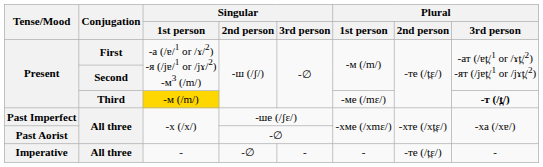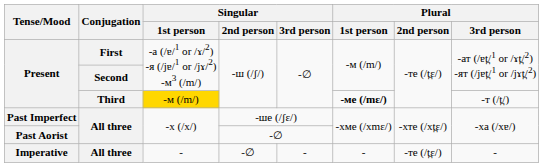 <table class="wikitable" style="text-align: center;">
 <tr>
 <th rowspan="2">Tense/Mood</th>
 <th rowspan="2">Conjugation</th>
 <th colspan="3">Singular</th>
 <th colspan="3">Plural</th>
 </tr>
 <tr>
 <th>1st person</th>
 <th>2nd person</th>
 <th>3rd person</th>
 <th>1st person</th>
 <th>2nd person</th>
 <th>3rd person</th>
 </tr>
 <tr>
 <th rowspan="3">Present</th>
 <th>First</th>
 <td rowspan="2">-a (/ɐ/<sup>1</sup> or /ɤ/<sup>2</sup>)<br>-я (/jɐ/<sup>1</sup> or /jɤ/<sup>2</sup>)<br>-м<sup>3</sup> (/m/)</td>
 <td rowspan="3">-ш (/ʃ/)</td>
 <td rowspan="3">-∅</td>
 <td rowspan="2">-м (/m/)</td>
 <td rowspan="3">-те (/t̪ɛ/)</td>
 <td rowspan="2">-ат (/ɐt̪/<sup>1</sup> or /ɤt̪/<sup>2</sup>)<br>-ят (/jɐt̪/<sup>1</sup> or /jɤt̪/<sup>2</sup>)</td>
 </tr>
 <tr>
 <th>Second</th>
 </tr>
 <tr>
 <th>Third</th>
 <td style="background: gold;">-м (/m/)</td>
-<td>-ме (/mɛ/)</td>
-<td><strong>-т (/t̪/)</strong></td>
+<td><strong>-ме (/mɛ/)</strong></td>
+<td>-т (/t̪/)</td>
 </tr>
 <tr>
 <th>Past Imperfect</th>
 <th rowspan="2">All three</th>
 <td rowspan="2">-х (/x/)</td>
 <td colspan="2">-ше (/ʃɛ/)</td>
 <td rowspan="2">-хме (/xmɛ/)</td>
 <td rowspan="2">-хте (/xt̪ɛ/)</td>
 <td rowspan="2">-ха (/xɐ/)</td>
 </tr>
 <tr>
 <th>Past Aorist</th>
 <td colspan="2">-∅</td>
 </tr>
 <tr>
 <th>Imperative</th>
 <th>All three</th>
 <td>-</td>
 <td>-∅</td>
 <td>-</td>
 <td>-</td>
 <td>-те (/t̪ɛ/)</td>
 <td>-</td>
 </tr>
 </table>
